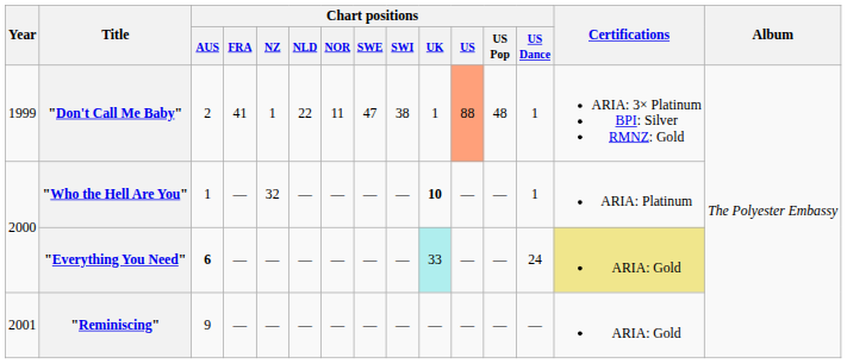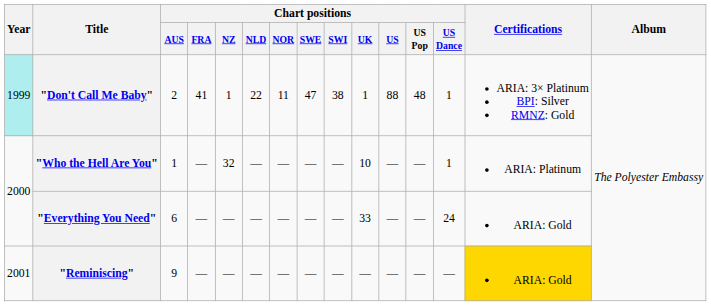 <table class="wikitable plainrowheaders" style="text-align:center">
 <tr>
 <th rowspan="2">Year</th>
 <th rowspan="2">Title</th>
 <th colspan="11">Chart positions</th>
 <th rowspan="2"><a href='#'>Certifications</a></th>
 <th rowspan="2">Album</th>
 </tr>
 <tr>
 <th style="width:30px;"><small><a href='#'>AUS</a><br></small></th>
 <th style="width:30px;"><small><a href='#'>FRA</a><br></small></th>
 <th style="width:30px;"><small><a href='#'>NZ</a><br></small></th>
 <th style="width:30px;"><small><a href='#'>NLD</a><br></small></th>
 <th style="width:30px;"><small><a href='#'>NOR</a><br></small></th>
 <th style="width:30px;"><small><a href='#'>SWE</a><br></small></th>
 <th style="width:30px;"><small><a href='#'>SWI</a><br></small></th>
 <th style="width:30px;"><small><a href='#'>UK</a><br></small></th>
 <th style="width:30px;"><small><a href='#'>US</a><br></small></th>
 <th style="width:30px;"><small>US Pop</small></th>
 <th style="width:30px;"><small><a href='#'>US Dance</a><br></small></th>
 </tr>
 <tr>
-<td>1999</td>
+<td style="background: paleturquoise;">1999</td>
 <th scope="row">"<a href='#'>Don't Call Me Baby</a>"</th>
 <td>2</td>
 <td>41</td>
 <td>1</td>
 <td>22</td>
 <td>11</td>
 <td>47</td>
 <td>38</td>
 <td>1</td>
-<td style="background: lightsalmon;">88</td>
+<td>88</td>
 <td>48</td>
 <td>1</td>
 <td><br><ul><li>ARIA: 3× Platinum</li><li><a href='#'>BPI</a>: Silver</li><li><a href='#'>RMNZ</a>: Gold</li></ul></td>
 <td rowspan="4"><em>The Polyester Embassy</em></td>
 </tr>
 <tr>
 <td rowspan="2">2000</td>
 <th scope="row">"<a href='#'>Who the Hell Are You</a>"</th>
 <td>1</td>
 <td>—</td>
 <td>32</td>
 <td>—</td>
 <td>—</td>
 <td>—</td>
 <td>—</td>
-<td><strong>10</strong></td>
+<td>10</td>
 <td>—</td>
 <td>—</td>
 <td>1</td>
 <td><br><ul><li>ARIA: Platinum</li></ul></td>
 </tr>
 <tr>
 <th scope="row">"<a href='#'>Everything You Need</a>"</th>
-<td><strong>6</strong></td>
+<td>6</td>
 <td>—</td>
 <td>—</td>
 <td>—</td>
 <td>—</td>
 <td>—</td>
 <td>—</td>
-<td style="background: paleturquoise;">33</td>
+<td>33</td>
 <td>—</td>
 <td>—</td>
 <td>24</td>
-<td style="background: khaki;"><br><ul><li>ARIA: Gold</li></ul></td>
+<td><br><ul><li>ARIA: Gold</li></ul></td>
 </tr>
 <tr>
 <td>2001</td>
 <th scope="row">"<a href='#'>Reminiscing</a>"</th>
 <td>9</td>
 <td>—</td>
 <td>—</td>
 <td>—</td>
 <td>—</td>
 <td>—</td>
 <td>—</td>
 <td>—</td>
 <td>—</td>
 <td>—</td>
 <td>—</td>
-<td><br><ul><li>ARIA: Gold</li></ul></td>
+<td style="background: gold;"><br><ul><li>ARIA: Gold</li></ul></td>
 </tr>
 </table>
